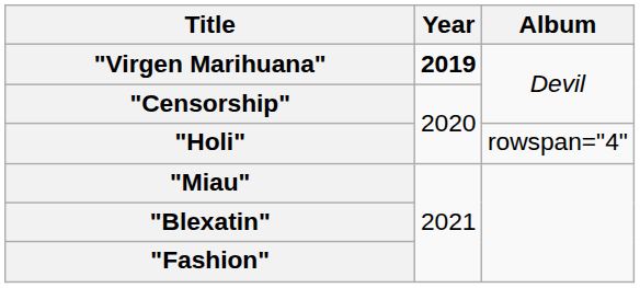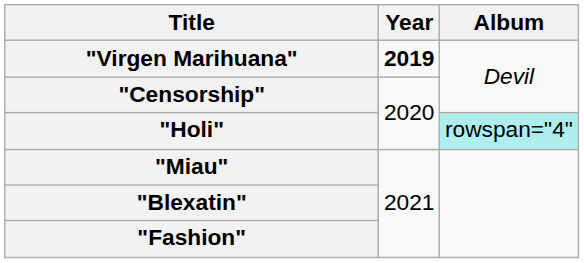 <table class="wikitable plainrowheaders" style="text-align:center">
 <tr>
 <th scope="col" style="width:16em">Title</th>
 <th scope="col" style="width:1em">Year</th>
 <th scope="col">Album</th>
 </tr>
 <tr>
 <th scope="row">"Virgen Marihuana"<br></th>
 <td><strong>2019</strong></td>
 <td rowspan="2"><em>Devil</em></td>
 </tr>
 <tr>
 <th scope="row">"Censorship"<br></th>
 <td rowspan="2">2020</td>
 </tr>
 <tr>
 <th scope="row">"Holi"<br></th>
-<td>rowspan="4" </td>
+<td style="background: paleturquoise;">rowspan="4" </td>
 </tr>
 <tr>
 <th scope="row">"Miau"<br></th>
 <td rowspan="3">2021</td>
 </tr>
 <tr>
 <th scope="row">"Blexatin"<br></th>
 </tr>
 <tr>
 <th scope="row">"Fashion"<br></th>
 </tr>
 </table>
